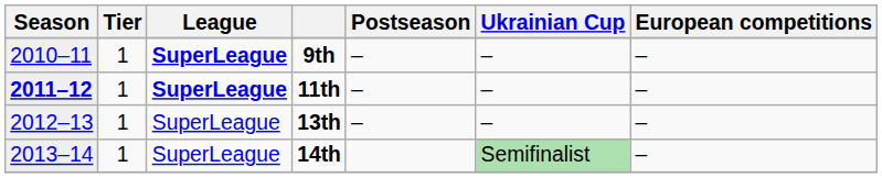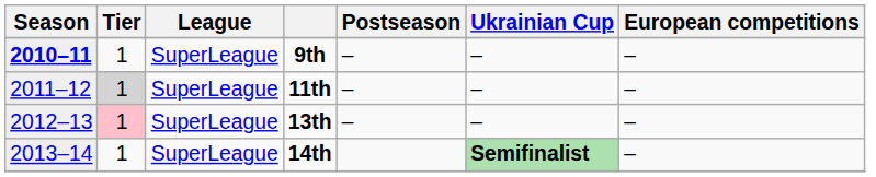 <table class="wikitable" style="font-size:85%">
 <tr bgcolor=>
 <th>Season</th>
 <th>Tier</th>
 <th>League</th>
 <th></th>
 <th>Postseason</th>
 <th><a href='#'>Ukrainian Cup</a></th>
 <th>European competitions</th>
 </tr>
 <tr>
 </tr>
 <tr>
-<td style="background:#efefef;"><a href='#'>2010–11</a></td>
+<td style="background:#efefef;"><strong><a href='#'>2010–11</a></strong></td>
 <td align="center">1</td>
-<td><strong><a href='#'>SuperLeague</a></strong></td>
+<td><a href='#'>SuperLeague</a></td>
 <td style="background: " align=center><strong>9th</strong></td>
 <td style="background: ">–</td>
 <td>–</td>
 <td>–</td>
 </tr>
 <tr>
-<td style="background:#efefef;"><strong><a href='#'>2011–12</a></strong></td>
-<td align="center">1</td>
-<td><strong><a href='#'>SuperLeague</a></strong></td>
+<td style="background:#efefef;"><a href='#'>2011–12</a></td>
+<td align="center" style="background: lightgrey;">1</td>
+<td><a href='#'>SuperLeague</a></td>
 <td style="background: " align=center><strong>11th</strong></td>
 <td style="background: ">–</td>
 <td>–</td>
 <td>–</td>
 </tr>
 <tr>
 <td style="background:#efefef;"><a href='#'>2012–13</a></td>
-<td align="center">1</td>
+<td align="center" style="background: pink;">1</td>
 <td><a href='#'>SuperLeague</a></td>
 <td style="background: " align=center><strong>13th</strong></td>
 <td style="background: ">–</td>
 <td>–</td>
 <td>–</td>
 </tr>
 <tr>
 <td style="background:#efefef;"><a href='#'>2013–14</a></td>
 <td align="center">1</td>
 <td><a href='#'>SuperLeague</a></td>
 <td style="background: " align=center><strong>14th</strong></td>
 <td style="background: "></td>
-<td style="background:#ACE1AF">Semifinalist</td>
+<td style="background:#ACE1AF"><strong>Semifinalist</strong></td>
 <td>–</td>
 </tr>
 <tr>
 </tr>
 </table>
